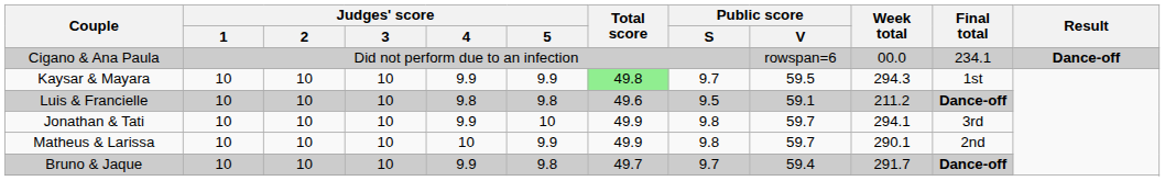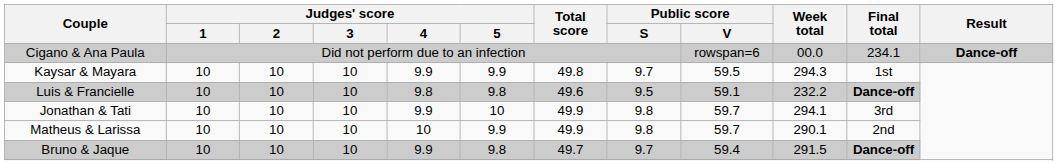 <table class="wikitable" style="font-size:100%; line-height:16px; text-align:center" width="100%">
 <tr>
 <th rowspan=2 width="11.0%">Couple</th>
 <th colspan=5 width="25.0%">Judges' score</th>
 <th rowspan=2 width="05.0%">Total score</th>
 <th colspan=2 width="10.0%">Public score</th>
 <th rowspan=2 width="05.0%">Week<br>total</th>
 <th rowspan=2 width="05.0%">Final<br>total</th>
 <th rowspan=2 width="09.0%">Result<br></th>
 </tr>
 <tr>
 <th width="05.0%">1</th>
 <th width="05.0%">2</th>
 <th width="05.0%">3</th>
 <th width="05.0%">4</th>
 <th width="05.0%">5</th>
 <th width="05.0%">S</th>
 <th width="05.0%">V</th>
 </tr>
 <tr bgcolor=CCCCCC>
 <td>Cigano & Ana Paula</td>
 <td colspan=7>Did not perform due to an infection</td>
 <td>rowspan=6 </td>
 <td>00.0</td>
 <td>234.1</td>
 <td><strong>Dance-off</strong></td>
 </tr>
 <tr>
 <td>Kaysar & Mayara</td>
 <td>10</td>
 <td>10</td>
 <td>10</td>
 <td>9.9</td>
 <td>9.9</td>
-<td style="background: lightgreen;">49.8</td>
+<td>49.8</td>
 <td>9.7</td>
 <td>59.5</td>
 <td>294.3</td>
 <td>1st</td>
 </tr>
 <tr bgcolor=CCCCCC>
 <td>Luis & Francielle</td>
 <td>10</td>
 <td>10</td>
 <td>10</td>
 <td>9.8</td>
 <td>9.8</td>
 <td>49.6</td>
 <td>9.5</td>
 <td>59.1</td>
-<td>211.2</td>
+<td>232.2</td>
 <td><strong>Dance-off</strong></td>
 </tr>
 <tr>
 <td>Jonathan & Tati</td>
 <td>10</td>
 <td>10</td>
 <td>10</td>
 <td>9.9</td>
 <td>10</td>
 <td>49.9</td>
 <td>9.8</td>
 <td>59.7</td>
 <td>294.1</td>
 <td>3rd</td>
 </tr>
 <tr>
 <td>Matheus & Larissa</td>
 <td>10</td>
 <td>10</td>
 <td>10</td>
 <td>10</td>
 <td>9.9</td>
 <td>49.9</td>
 <td>9.8</td>
 <td>59.7</td>
 <td>290.1</td>
 <td>2nd</td>
 </tr>
 <tr bgcolor=CCCCCC>
 <td>Bruno & Jaque</td>
 <td>10</td>
 <td>10</td>
 <td>10</td>
 <td>9.9</td>
 <td>9.8</td>
 <td>49.7</td>
 <td>9.7</td>
 <td>59.4</td>
-<td>291.7</td>
+<td>291.5</td>
 <td><strong>Dance-off</strong></td>
 </tr>
 <tr>
 </tr>
 </table>
